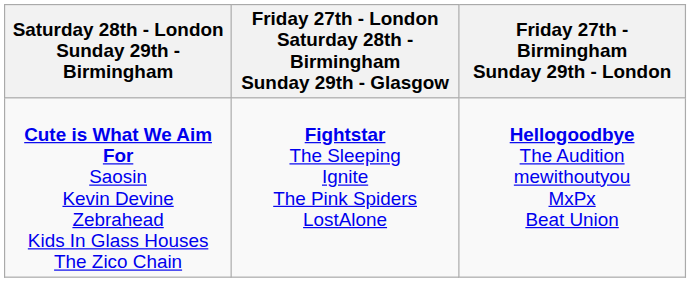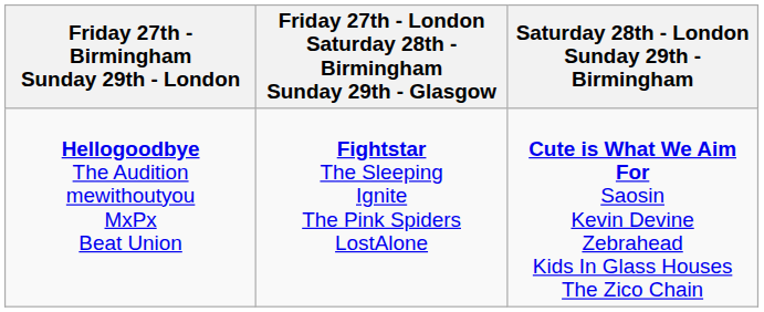 <table class="wikitable">
 <tr>
+<th>Friday 27th - Birmingham<br>Sunday 29th - London</th>
+<th>Friday 27th - London<br>Saturday 28th - Birmingham<br>Sunday 29th - Glasgow</th>
 <th>Saturday 28th - London<br>Sunday 29th - Birmingham</th>
-<th>Friday 27th - London<br>Saturday 28th - Birmingham<br>Sunday 29th - Glasgow</th>
-<th>Friday 27th - Birmingham<br>Sunday 29th - London</th>
 </tr>
 <tr>
+<td valign="top" align="center" width=185><br><strong><a href='#'>Hellogoodbye</a></strong> <br><a href='#'>The Audition</a> <br><a href='#'>mewithoutyou</a> <br><a href='#'>MxPx</a> <br><a href='#'>Beat Union</a></td>
+<td valign="top" align="center" width=185><br><strong><a href='#'>Fightstar</a></strong> <br><a href='#'>The Sleeping</a> <br><a href='#'>Ignite</a> <br><a href='#'>The Pink Spiders</a> <br><a href='#'>LostAlone</a></td>
 <td valign="top" align="center" width=185><br><strong><a href='#'>Cute is What We Aim For</a></strong> <br><a href='#'>Saosin</a> <br><a href='#'>Kevin Devine</a> <br><a href='#'>Zebrahead</a> <br><a href='#'>Kids In Glass Houses</a> <br><a href='#'>The Zico Chain</a></td>
-<td valign="top" align="center" width=185><br><strong><a href='#'>Fightstar</a></strong> <br><a href='#'>The Sleeping</a> <br><a href='#'>Ignite</a> <br><a href='#'>The Pink Spiders</a> <br><a href='#'>LostAlone</a></td>
-<td valign="top" align="center" width=185><br><strong><a href='#'>Hellogoodbye</a></strong> <br><a href='#'>The Audition</a> <br><a href='#'>mewithoutyou</a> <br><a href='#'>MxPx</a> <br><a href='#'>Beat Union</a></td>
 </tr>
 </table>
